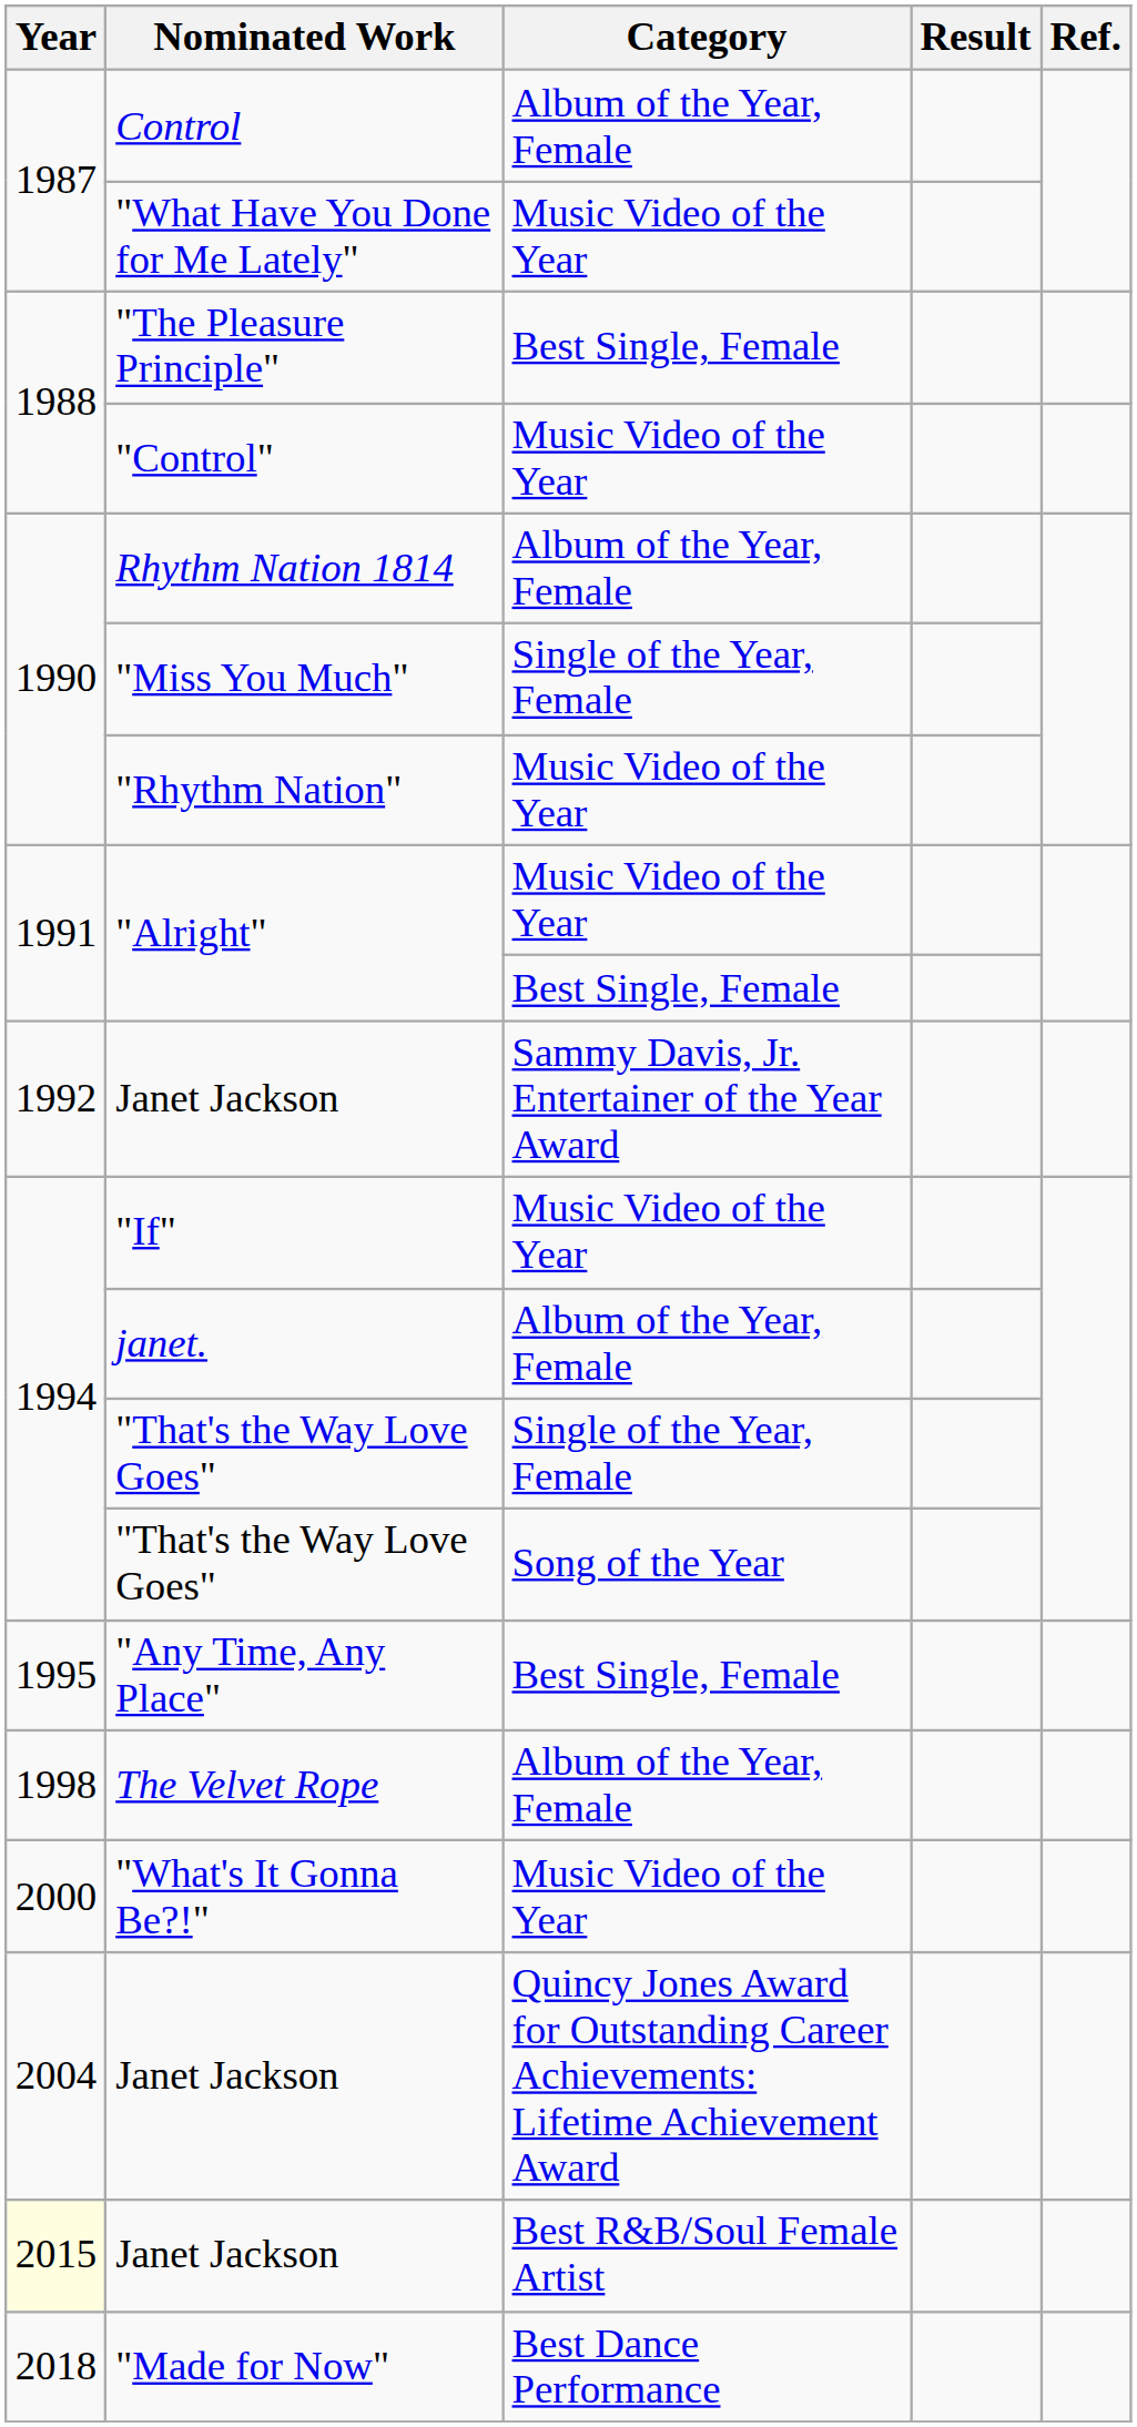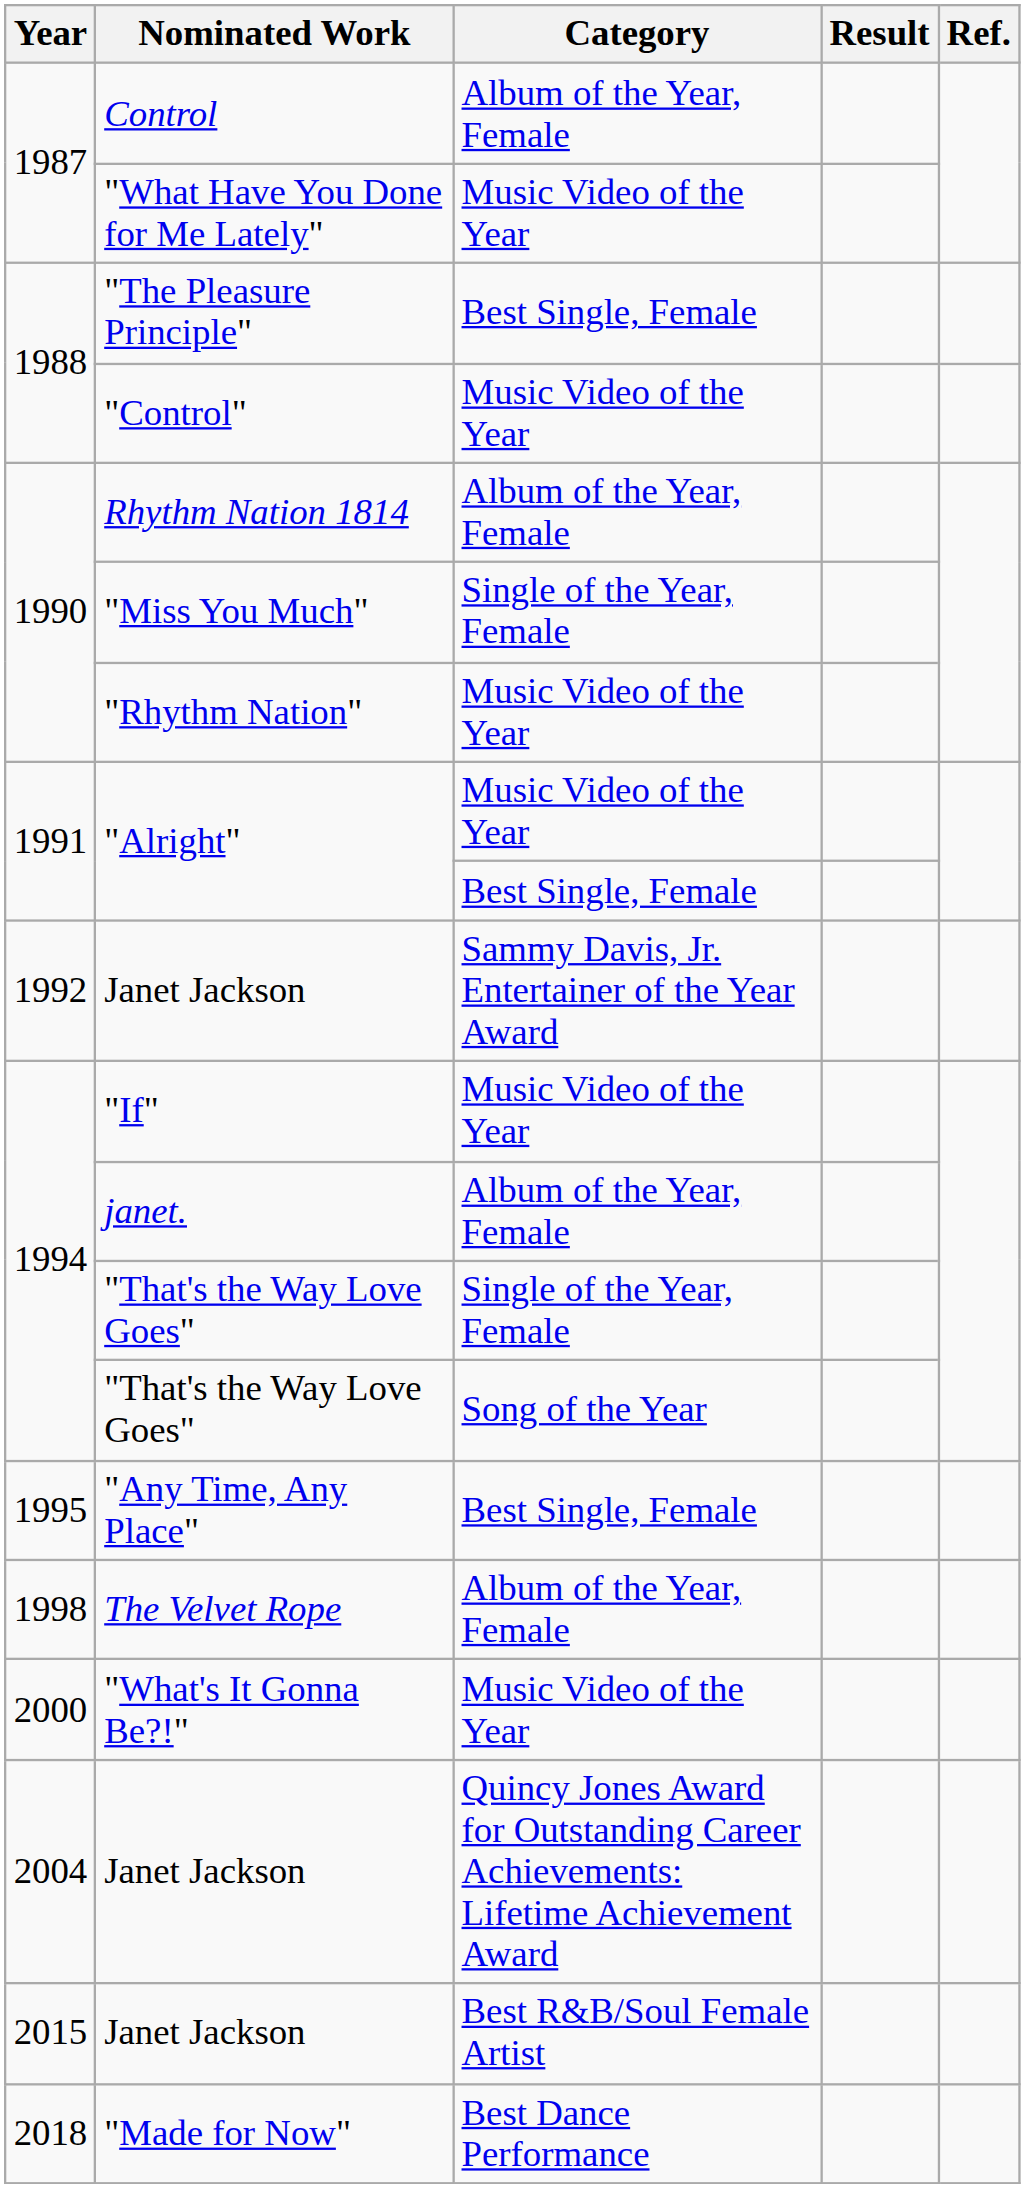 <table class="wikitable" width="50%">
 <tr>
 <th width="5%">Year</th>
 <th width="40%">Nominated Work</th>
 <th width="40%">Category</th>
 <th width="10%">Result</th>
 <th width="5%">Ref.</th>
 </tr>
 <tr>
 <td rowspan="2">1987</td>
 <td><em><a href='#'>Control</a></em></td>
 <td><a href='#'>Album of the Year, Female</a></td>
 <td></td>
 <td rowspan="2"></td>
 </tr>
 <tr>
 <td>"<a href='#'>What Have You Done for Me Lately</a>"</td>
 <td><a href='#'>Music Video of the Year</a></td>
 <td></td>
 </tr>
 <tr>
 <td rowspan="2">1988</td>
 <td>"<a href='#'>The Pleasure Principle</a>"</td>
 <td><a href='#'>Best Single, Female</a></td>
 <td></td>
 <td></td>
 </tr>
 <tr>
 <td>"<a href='#'>Control</a>"</td>
 <td><a href='#'>Music Video of the Year</a></td>
 <td></td>
 <td></td>
 </tr>
 <tr>
 <td rowspan="3">1990</td>
 <td><em><a href='#'>Rhythm Nation 1814</a></em></td>
 <td><a href='#'>Album of the Year, Female</a></td>
 <td></td>
 <td rowspan="3"></td>
 </tr>
 <tr>
 <td>"<a href='#'>Miss You Much</a>"</td>
 <td><a href='#'>Single of the Year, Female</a></td>
 <td></td>
 </tr>
 <tr>
 <td>"<a href='#'>Rhythm Nation</a>"</td>
 <td><a href='#'>Music Video of the Year</a></td>
 <td></td>
 </tr>
 <tr>
 <td rowspan="2">1991</td>
 <td rowspan="2">"<a href='#'>Alright</a>"</td>
 <td><a href='#'>Music Video of the Year</a></td>
 <td></td>
 <td rowspan="2"></td>
 </tr>
 <tr>
 <td><a href='#'>Best Single, Female</a></td>
 <td></td>
 </tr>
 <tr>
 <td>1992</td>
 <td>Janet Jackson</td>
 <td><a href='#'>Sammy Davis, Jr. Entertainer of the Year Award</a></td>
 <td></td>
 <td></td>
 </tr>
 <tr>
 <td rowspan="4">1994</td>
 <td>"<a href='#'>If</a>"</td>
 <td><a href='#'>Music Video of the Year</a></td>
 <td></td>
 <td rowspan="4"></td>
 </tr>
 <tr>
 <td><em><a href='#'>janet.</a></em></td>
 <td><a href='#'>Album of the Year, Female</a></td>
 <td></td>
 </tr>
 <tr>
 <td>"<a href='#'>That's the Way Love Goes</a>"</td>
 <td><a href='#'>Single of the Year, Female</a></td>
 <td></td>
 </tr>
 <tr>
 <td>"That's the Way Love Goes"</td>
 <td><a href='#'>Song of the Year</a></td>
 <td></td>
 </tr>
 <tr>
 <td>1995</td>
 <td>"<a href='#'>Any Time, Any Place</a>"</td>
 <td><a href='#'>Best Single, Female</a></td>
 <td></td>
 <td></td>
 </tr>
 <tr>
 <td>1998</td>
 <td><em><a href='#'>The Velvet Rope</a></em></td>
 <td><a href='#'>Album of the Year, Female</a></td>
 <td></td>
 <td></td>
 </tr>
 <tr>
 <td>2000</td>
 <td>"<a href='#'>What's It Gonna Be?!</a>"</td>
 <td><a href='#'>Music Video of the Year</a></td>
 <td></td>
 <td></td>
 </tr>
 <tr>
 <td>2004</td>
 <td>Janet Jackson</td>
 <td><a href='#'>Quincy Jones Award for Outstanding Career Achievements: Lifetime Achievement Award</a></td>
 <td></td>
 <td></td>
 </tr>
 <tr>
-<td style="background: lightyellow;">2015</td>
+<td>2015</td>
 <td>Janet Jackson</td>
 <td><a href='#'>Best R&B/Soul Female Artist</a></td>
 <td></td>
 <td></td>
 </tr>
 <tr>
 <td>2018</td>
 <td>"<a href='#'>Made for Now</a>"</td>
 <td><a href='#'>Best Dance Performance</a></td>
 <td></td>
 <td></td>
 </tr>
 </table>
